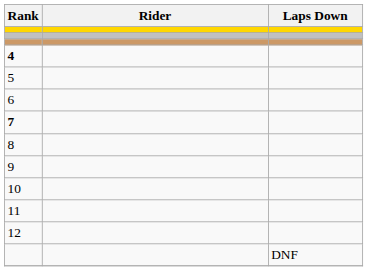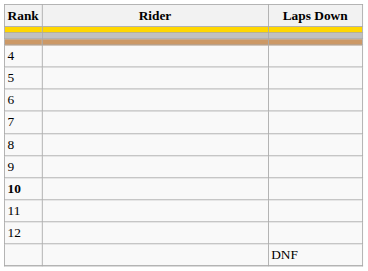 <table class="wikitable" style="font-size:95%" style="width:35em;" style="text-align:center">
 <tr>
 <th>Rank</th>
 <th width=250>Rider</th>
 <th width=100>Laps Down</th>
 </tr>
 <tr bgcolor=gold>
 <td></td>
 <td align=left></td>
 <td></td>
 </tr>
 <tr bgcolor=silver>
 <td></td>
 <td align=left></td>
 <td></td>
 </tr>
 <tr bgcolor=cc9966>
 <td></td>
 <td align=left></td>
 <td></td>
 </tr>
 <tr>
-<td><strong>4</strong></td>
+<td>4</td>
 <td align=left></td>
 <td></td>
 </tr>
 <tr>
 <td>5</td>
 <td align=left></td>
 <td></td>
 </tr>
 <tr>
 <td>6</td>
 <td align=left></td>
 <td></td>
 </tr>
 <tr>
-<td><strong>7</strong></td>
+<td>7</td>
 <td align=left></td>
 <td></td>
 </tr>
 <tr>
 <td>8</td>
 <td align=left></td>
 <td></td>
 </tr>
 <tr>
 <td>9</td>
 <td align=left></td>
 <td></td>
 </tr>
 <tr>
-<td>10</td>
+<td><strong>10</strong></td>
 <td align=left></td>
 <td></td>
 </tr>
 <tr>
 <td>11</td>
 <td align=left></td>
 <td></td>
 </tr>
 <tr>
 <td>12</td>
 <td align=left></td>
 <td></td>
 </tr>
 <tr>
 <td></td>
 <td align=left></td>
 <td>DNF</td>
 </tr>
 <tr>
 </tr>
 </table>
